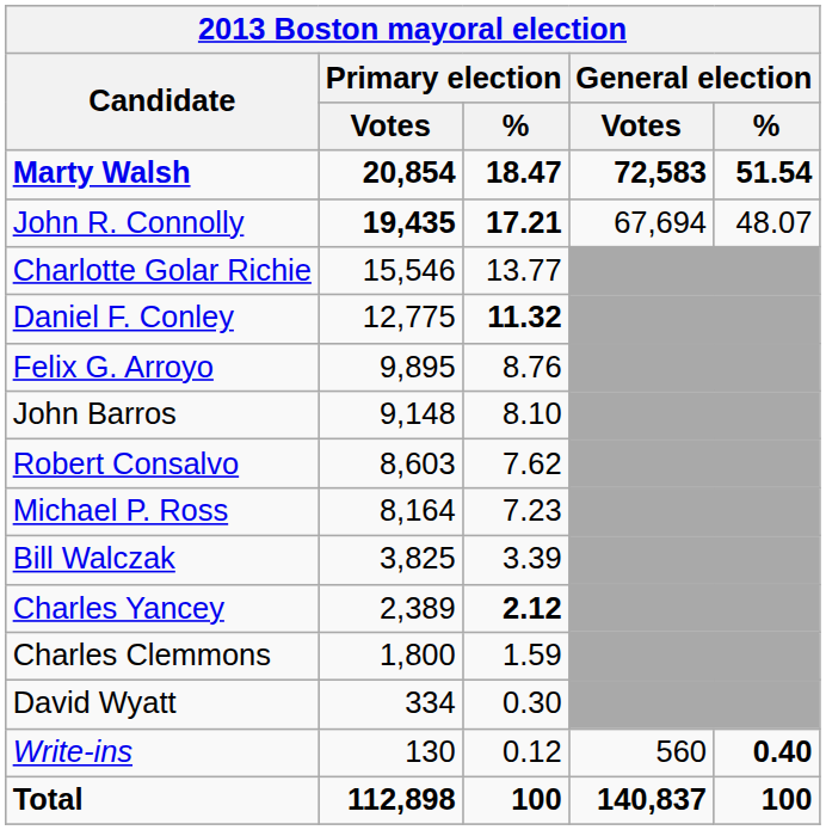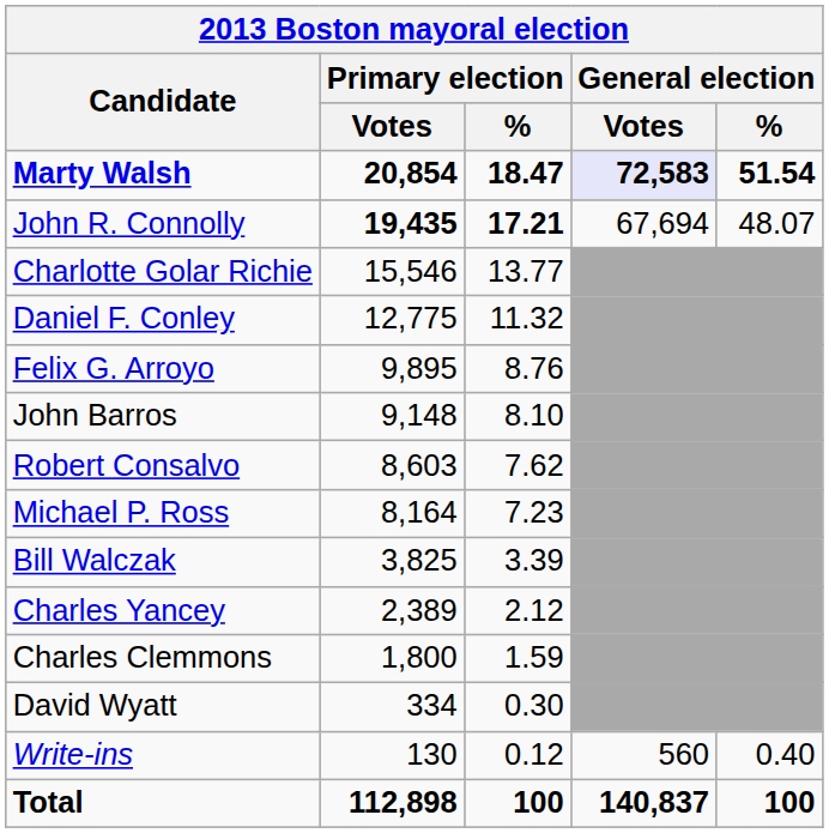 <table class=wikitable>
 <tr>
 <th colspan=5><a href='#'>2013 Boston mayoral election</a></th>
 </tr>
 <tr>
 <th colspan=1 rowspan=2>Candidate</th>
 <th colspan=2><strong>Primary election</strong></th>
 <th colspan=2><strong>General election</strong></th>
 </tr>
 <tr>
 <th>Votes</th>
 <th>%</th>
 <th>Votes</th>
 <th>%</th>
 </tr>
 <tr>
 <td><strong><a href='#'>Marty Walsh</a></strong></td>
 <td align="right"><strong>20,854</strong></td>
 <td align="right"><strong>18.47</strong></td>
-<td align="right"><strong>72,583</strong></td>
+<td align="right" style="background: lavender;"><strong>72,583</strong></td>
 <td align="right"><strong>51.54</strong></td>
 </tr>
 <tr>
 <td><a href='#'>John R. Connolly</a></td>
 <td align="right"><strong>19,435</strong></td>
 <td align="right"><strong>17.21</strong></td>
 <td align="right">67,694</td>
 <td align="right">48.07</td>
 </tr>
 <tr>
 <td><a href='#'>Charlotte Golar Richie</a></td>
 <td align="right">15,546</td>
 <td align="right">13.77</td>
 <td colspan=2 bgcolor=darkgray> </td>
 </tr>
 <tr>
 <td><a href='#'>Daniel F. Conley</a></td>
 <td align="right">12,775</td>
-<td align="right"><strong>11.32</strong></td>
+<td align="right">11.32</td>
 <td colspan=2 bgcolor=darkgray> </td>
 </tr>
 <tr>
 <td><a href='#'>Felix G. Arroyo</a></td>
 <td align="right">9,895</td>
 <td align="right">8.76</td>
 <td colspan=2 bgcolor=darkgray> </td>
 </tr>
 <tr>
 <td>John Barros</td>
 <td align="right">9,148</td>
 <td align="right">8.10</td>
 <td colspan=2 bgcolor=darkgray> </td>
 </tr>
 <tr>
 <td><a href='#'>Robert Consalvo</a></td>
 <td align="right">8,603</td>
 <td align="right">7.62</td>
 <td colspan=2 bgcolor=darkgray> </td>
 </tr>
 <tr>
 <td><a href='#'>Michael P. Ross</a></td>
 <td align="right">8,164</td>
 <td align="right">7.23</td>
 <td colspan=2 bgcolor=darkgray> </td>
 </tr>
 <tr>
 <td><a href='#'>Bill Walczak</a></td>
 <td align="right">3,825</td>
 <td align="right">3.39</td>
 <td colspan=2 bgcolor=darkgray> </td>
 </tr>
 <tr>
 <td><a href='#'>Charles Yancey</a></td>
 <td align="right">2,389</td>
-<td align="right"><strong>2.12</strong></td>
+<td align="right">2.12</td>
 <td colspan=2 bgcolor=darkgray> </td>
 </tr>
 <tr>
 <td>Charles Clemmons</td>
 <td align="right">1,800</td>
 <td align="right">1.59</td>
 <td colspan=2 bgcolor=darkgray> </td>
 </tr>
 <tr>
 <td>David Wyatt</td>
 <td align="right">334</td>
 <td align="right">0.30</td>
 <td colspan=2 bgcolor=darkgray> </td>
 </tr>
 <tr>
 <td><em><a href='#'>Write-ins</a></em></td>
 <td align="right">130</td>
 <td align="right">0.12</td>
 <td align="right">560</td>
-<td align="right"><strong>0.40</strong></td>
+<td align="right">0.40</td>
 </tr>
 <tr>
 <td><strong>Total</strong></td>
 <td align="right"><strong>112,898</strong></td>
 <td align="right"><strong>100</strong></td>
 <td align="right"><strong>140,837</strong></td>
 <td align="right"><strong>100</strong></td>
 </tr>
 </table>
